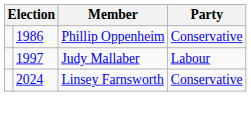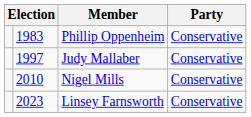 <table class="wikitable">
 <tr>
 <th colspan="2">Election</th>
 <th>Member</th>
 <th>Party</th>
 </tr>
 <tr>
 <td style="color:inherit;background-color: "></td>
-<td><a href='#'>1986</a></td>
+<td><a href='#'>1983</a></td>
 <td><a href='#'>Phillip Oppenheim</a></td>
 <td><a href='#'>Conservative</a></td>
 </tr>
 <tr>
 <td style="color:inherit;background-color: "></td>
 <td><a href='#'>1997</a></td>
 <td><a href='#'>Judy Mallaber</a></td>
-<td><a href='#'>Labour</a></td>
+<td><a href='#'>Conservative</a></td>
 </tr>
 <tr>
 <td style="color:inherit;background-color: "></td>
-<td><a href='#'>2024</a></td>
+<td><a href='#'>2010</a></td>
+<td><a href='#'>Nigel Mills</a></td>
+<td><a href='#'>Conservative</a></td>
+</tr>
+<tr>
+<td style="color:inherit;background-color: "></td>
+<td><a href='#'>2023</a></td>
 <td><a href='#'>Linsey Farnsworth</a></td>
 <td><a href='#'>Conservative</a></td>
 </tr>
 </table>
